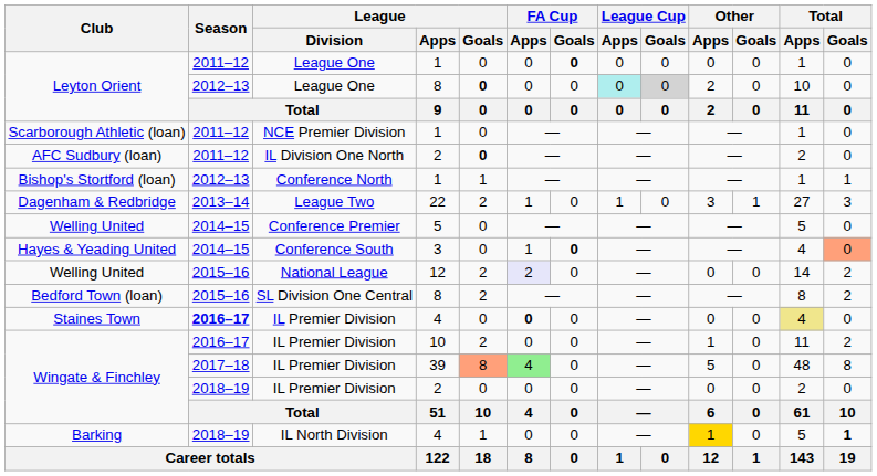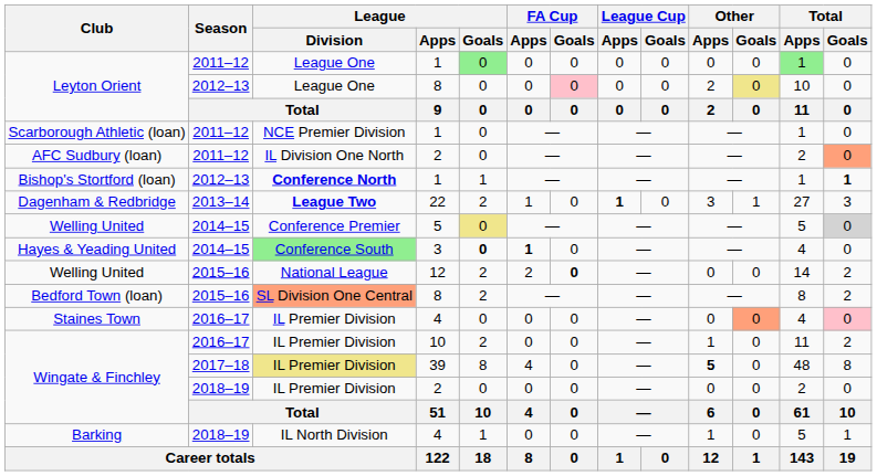 <table class="wikitable" style="text-align: center;">
 <tr>
 <th rowspan="2">Club</th>
 <th rowspan="2">Season</th>
 <th colspan="3">League</th>
 <th colspan="2"><a href='#'>FA Cup</a></th>
 <th colspan="2"><a href='#'>League Cup</a></th>
 <th colspan="2">Other</th>
 <th colspan="2">Total</th>
 </tr>
 <tr>
 <th>Division</th>
 <th>Apps</th>
 <th>Goals</th>
 <th>Apps</th>
 <th>Goals</th>
 <th>Apps</th>
 <th>Goals</th>
 <th>Apps</th>
 <th>Goals</th>
 <th>Apps</th>
 <th>Goals</th>
 </tr>
 <tr>
 <td rowspan="3" valign="center"><a href='#'>Leyton Orient</a></td>
 <td><a href='#'>2011–12</a></td>
 <td><a href='#'>League One</a></td>
 <td>1</td>
-<td>0</td>
-<td>0</td>
-<td><strong>0</strong></td>
+<td style="background: lightgreen;">0</td>
 <td>0</td>
 <td>0</td>
 <td>0</td>
 <td>0</td>
-<td>1</td>
+<td>0</td>
+<td>0</td>
+<td style="background: lightgreen;">1</td>
 <td>0</td>
 </tr>
 <tr>
 <td><a href='#'>2012–13</a></td>
 <td>League One</td>
 <td>8</td>
-<td><strong>0</strong></td>
 <td>0</td>
 <td>0</td>
-<td style="background: paleturquoise;">0</td>
-<td style="background: lightgrey;">0</td>
+<td style="background: pink;">0</td>
+<td>0</td>
+<td>0</td>
 <td>2</td>
-<td>0</td>
+<td style="background: khaki;">0</td>
 <td>10</td>
 <td>0</td>
 </tr>
 <tr>
 <th colspan="2">Total</th>
 <th>9</th>
 <th>0</th>
 <th>0</th>
 <th>0</th>
 <th>0</th>
 <th>0</th>
 <th>2</th>
 <th>0</th>
 <th>11</th>
 <th>0</th>
 </tr>
 <tr>
 <td><a href='#'>Scarborough Athletic</a> (loan)</td>
 <td><a href='#'>2011–12</a></td>
 <td><a href='#'>NCE</a> Premier Division</td>
 <td>1</td>
 <td>0</td>
 <td colspan="2">—</td>
 <td colspan="2">—</td>
 <td colspan="2">—</td>
 <td>1</td>
 <td>0</td>
 </tr>
 <tr>
 <td><a href='#'>AFC Sudbury</a> (loan)</td>
 <td><a href='#'>2011–12</a></td>
 <td><a href='#'>IL</a> Division One North</td>
 <td>2</td>
-<td><strong>0</strong></td>
+<td>0</td>
 <td colspan="2">—</td>
 <td colspan="2">—</td>
 <td colspan="2">—</td>
 <td>2</td>
-<td>0</td>
+<td style="background: lightsalmon;">0</td>
 </tr>
 <tr>
 <td><a href='#'>Bishop's Stortford</a> (loan)</td>
 <td><a href='#'>2012–13</a></td>
-<td><a href='#'>Conference North</a></td>
+<td><strong><a href='#'>Conference North</a></strong></td>
 <td>1</td>
 <td>1</td>
 <td colspan="2">—</td>
 <td colspan="2">—</td>
 <td colspan="2">—</td>
 <td>1</td>
-<td>1</td>
+<td><strong>1</strong></td>
 </tr>
 <tr>
 <td><a href='#'>Dagenham & Redbridge</a></td>
 <td><a href='#'>2013–14</a></td>
-<td><a href='#'>League Two</a></td>
+<td><strong><a href='#'>League Two</a></strong></td>
 <td>22</td>
 <td>2</td>
 <td>1</td>
 <td>0</td>
-<td>1</td>
+<td><strong>1</strong></td>
 <td>0</td>
 <td>3</td>
 <td>1</td>
 <td>27</td>
 <td>3</td>
 </tr>
 <tr>
 <td><a href='#'>Welling United</a></td>
 <td><a href='#'>2014–15</a></td>
 <td><a href='#'>Conference Premier</a></td>
 <td>5</td>
-<td>0</td>
+<td style="background: khaki;">0</td>
 <td colspan="2">—</td>
 <td colspan="2">—</td>
 <td colspan="2">—</td>
 <td>5</td>
-<td>0</td>
+<td style="background: lightgrey;">0</td>
 </tr>
 <tr>
 <td><a href='#'>Hayes & Yeading United</a></td>
 <td><a href='#'>2014–15</a></td>
-<td><a href='#'>Conference South</a></td>
+<td style="background: lightgreen;"><a href='#'>Conference South</a></td>
 <td>3</td>
+<td><strong>0</strong></td>
+<td><strong>1</strong></td>
 <td>0</td>
-<td>1</td>
-<td><strong>0</strong></td>
 <td colspan="2">—</td>
 <td colspan="2">—</td>
 <td>4</td>
-<td style="background: lightsalmon;">0</td>
+<td>0</td>
 </tr>
 <tr>
 <td>Welling United</td>
 <td><a href='#'>2015–16</a></td>
 <td><a href='#'>National League</a></td>
 <td>12</td>
 <td>2</td>
-<td style="background: lavender;">2</td>
-<td>0</td>
+<td>2</td>
+<td><strong>0</strong></td>
 <td colspan="2">—</td>
 <td>0</td>
 <td>0</td>
 <td>14</td>
 <td>2</td>
 </tr>
 <tr>
 <td><a href='#'>Bedford Town</a> (loan)</td>
 <td><a href='#'>2015–16</a></td>
-<td><a href='#'>SL</a> Division One Central</td>
+<td style="background: lightsalmon;"><a href='#'>SL</a> Division One Central</td>
 <td>8</td>
 <td>2</td>
 <td colspan="2">—</td>
 <td colspan="2">—</td>
 <td colspan="2">—</td>
 <td>8</td>
 <td>2</td>
 </tr>
 <tr>
 <td><a href='#'>Staines Town</a></td>
-<td><strong><a href='#'>2016–17</a></strong></td>
+<td><a href='#'>2016–17</a></td>
 <td><a href='#'>IL</a> Premier Division</td>
 <td>4</td>
 <td>0</td>
-<td><strong>0</strong></td>
+<td>0</td>
 <td>0</td>
 <td colspan="2">—</td>
 <td>0</td>
-<td>0</td>
-<td style="background: khaki;">4</td>
-<td>0</td>
+<td style="background: lightsalmon;">0</td>
+<td>4</td>
+<td style="background: pink;">0</td>
 </tr>
 <tr>
 <td rowspan="4" valign="center"><a href='#'>Wingate & Finchley</a></td>
 <td><a href='#'>2016–17</a></td>
 <td>IL Premier Division</td>
 <td>10</td>
 <td>2</td>
 <td>0</td>
 <td>0</td>
 <td colspan="2">—</td>
 <td>1</td>
 <td>0</td>
 <td>11</td>
 <td>2</td>
 </tr>
 <tr>
 <td><a href='#'>2017–18</a></td>
-<td>IL Premier Division</td>
+<td style="background: khaki;">IL Premier Division</td>
 <td>39</td>
-<td style="background: lightsalmon;">8</td>
-<td style="background: lightgreen;">4</td>
+<td>8</td>
+<td>4</td>
 <td>0</td>
 <td colspan="2">—</td>
-<td>5</td>
+<td><strong>5</strong></td>
 <td>0</td>
 <td>48</td>
 <td>8</td>
 </tr>
 <tr>
 <td><a href='#'>2018–19</a></td>
 <td>IL Premier Division</td>
 <td>2</td>
 <td>0</td>
 <td>0</td>
 <td>0</td>
 <td colspan="2">—</td>
 <td>0</td>
 <td>0</td>
 <td>2</td>
 <td>0</td>
 </tr>
 <tr>
 <th colspan="2">Total</th>
 <th>51</th>
 <th>10</th>
 <th>4</th>
 <th>0</th>
 <th colspan="2">—</th>
 <th>6</th>
 <th>0</th>
 <th>61</th>
 <th>10</th>
 </tr>
 <tr>
 <td rowspan="1" valign="center"><a href='#'>Barking</a></td>
 <td><a href='#'>2018–19</a></td>
 <td>IL North Division</td>
 <td>4</td>
 <td>1</td>
 <td>0</td>
 <td>0</td>
 <td colspan="2">—</td>
-<td style="background: gold;">1</td>
+<td>1</td>
 <td>0</td>
 <td>5</td>
-<td><strong>1</strong></td>
+<td>1</td>
 </tr>
 <tr>
 <th colspan="3">Career totals</th>
 <th>122</th>
 <th>18</th>
 <th>8</th>
 <th>0</th>
 <th>1</th>
 <th>0</th>
 <th>12</th>
 <th>1</th>
 <th>143</th>
 <th>19</th>
 </tr>
 </table>
